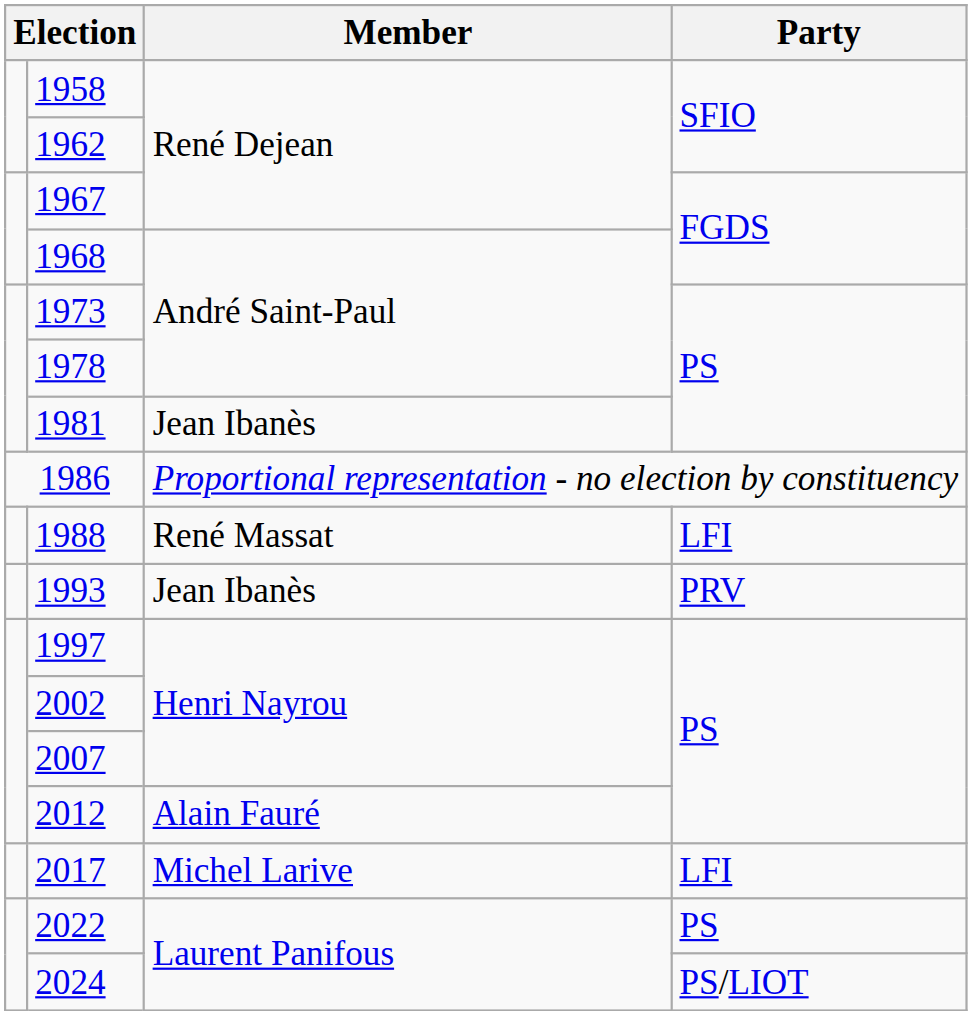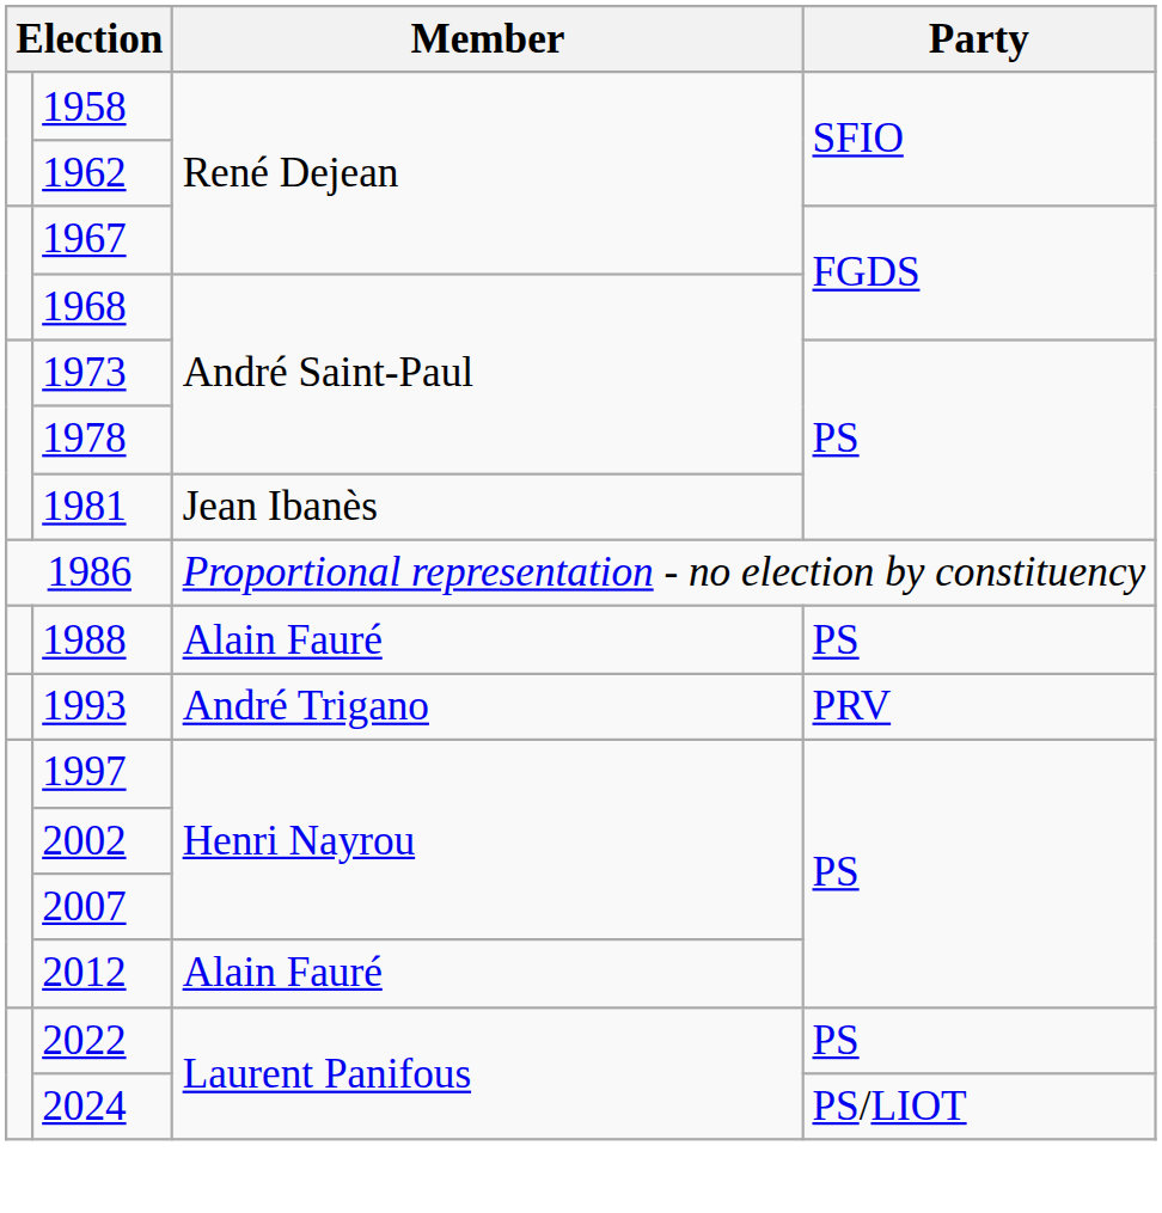 <table class="wikitable">
 <tr>
 <th colspan="2">Election</th>
 <th>Member</th>
 <th>Party</th>
 </tr>
 <tr>
 <td rowspan="2" style="background-color: "></td>
 <td><a href='#'>1958</a></td>
 <td rowspan="3">René Dejean</td>
 <td rowspan="2"><a href='#'>SFIO</a></td>
 </tr>
 <tr>
 <td><a href='#'>1962</a></td>
 </tr>
 <tr>
 <td rowspan="2" style="background-color: "></td>
 <td><a href='#'>1967</a></td>
 <td rowspan="2"><a href='#'>FGDS</a></td>
 </tr>
 <tr>
 <td><a href='#'>1968</a></td>
 <td rowspan="3">André Saint-Paul</td>
 </tr>
 <tr>
 <td rowspan="3" style="background-color: "></td>
 <td><a href='#'>1973</a></td>
 <td rowspan="3"><a href='#'>PS</a></td>
 </tr>
 <tr>
 <td><a href='#'>1978</a></td>
 </tr>
 <tr>
 <td><a href='#'>1981</a></td>
 <td>Jean Ibanès</td>
 </tr>
 <tr>
 <td colspan="2" align="center"><a href='#'>1986</a></td>
 <td colspan="2"><em><a href='#'>Proportional representation</a> - no election by constituency</em></td>
 </tr>
 <tr>
 <td style="color:inherit;background-color: "></td>
 <td><a href='#'>1988</a></td>
-<td>René Massat</td>
-<td><a href='#'>LFI</a></td>
+<td><a href='#'>Alain Fauré</a></td>
+<td><a href='#'>PS</a></td>
 </tr>
 <tr>
 <td style="color:inherit;background-color: "></td>
 <td><a href='#'>1993</a></td>
-<td>Jean Ibanès</td>
+<td><a href='#'>André Trigano</a></td>
 <td><a href='#'>PRV</a></td>
 </tr>
 <tr>
 <td rowspan="4" style="background-color: "></td>
 <td><a href='#'>1997</a></td>
 <td rowspan="3"><a href='#'>Henri Nayrou</a></td>
 <td rowspan="4"><a href='#'>PS</a></td>
 </tr>
 <tr>
 <td><a href='#'>2002</a></td>
 </tr>
 <tr>
 <td><a href='#'>2007</a></td>
 </tr>
 <tr>
 <td><a href='#'>2012</a></td>
 <td><a href='#'>Alain Fauré</a></td>
 </tr>
 <tr>
-<td style="color:inherit;background-color: "></td>
-<td><a href='#'>2017</a></td>
-<td><a href='#'>Michel Larive</a></td>
-<td><a href='#'>LFI</a></td>
-</tr>
-<tr>
 <td rowspan="2" style="color:inherit;background-color: "></td>
 <td><a href='#'>2022</a></td>
 <td rowspan="2"><a href='#'>Laurent Panifous</a></td>
 <td><a href='#'>PS</a></td>
 </tr>
 <tr>
 <td><a href='#'>2024</a></td>
 <td><a href='#'>PS</a>/<a href='#'>LIOT</a></td>
 </tr>
 </table>
